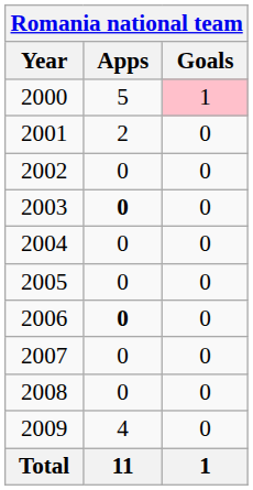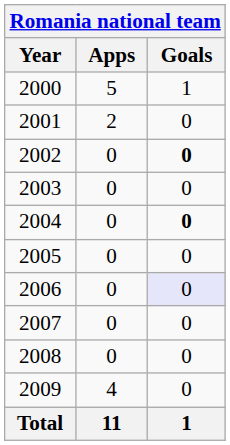 <table class="wikitable" style="text-align:center">
 <tr>
 <th colspan=3><a href='#'>Romania national team</a></th>
 </tr>
 <tr>
 <th>Year</th>
 <th>Apps</th>
 <th>Goals</th>
 </tr>
 <tr>
 <td>2000</td>
 <td>5</td>
-<td style="background: pink;">1</td>
+<td>1</td>
 </tr>
 <tr>
 <td>2001</td>
 <td>2</td>
 <td>0</td>
 </tr>
 <tr>
 <td>2002</td>
 <td>0</td>
-<td>0</td>
+<td><strong>0</strong></td>
 </tr>
 <tr>
 <td>2003</td>
-<td><strong>0</strong></td>
+<td>0</td>
 <td>0</td>
 </tr>
 <tr>
 <td>2004</td>
 <td>0</td>
-<td>0</td>
+<td><strong>0</strong></td>
 </tr>
 <tr>
 <td>2005</td>
 <td>0</td>
 <td>0</td>
 </tr>
 <tr>
 <td>2006</td>
-<td><strong>0</strong></td>
 <td>0</td>
+<td style="background: lavender;">0</td>
 </tr>
 <tr>
 <td>2007</td>
 <td>0</td>
 <td>0</td>
 </tr>
 <tr>
 <td>2008</td>
 <td>0</td>
 <td>0</td>
 </tr>
 <tr>
 <td>2009</td>
 <td>4</td>
 <td>0</td>
 </tr>
 <tr>
 <th>Total</th>
 <th>11</th>
 <th>1</th>
 </tr>
 </table>
